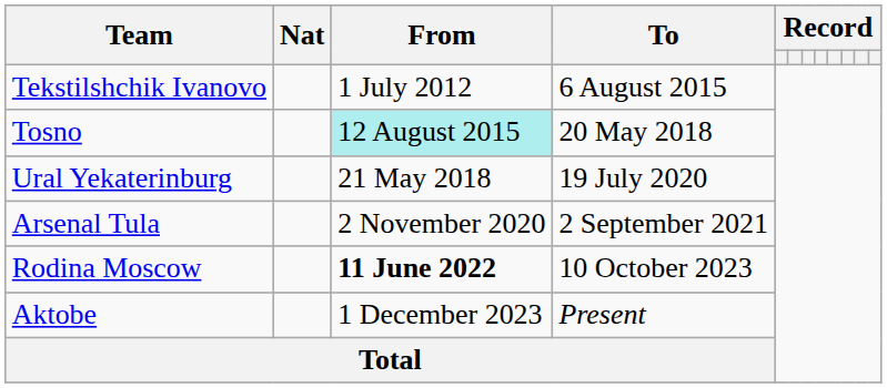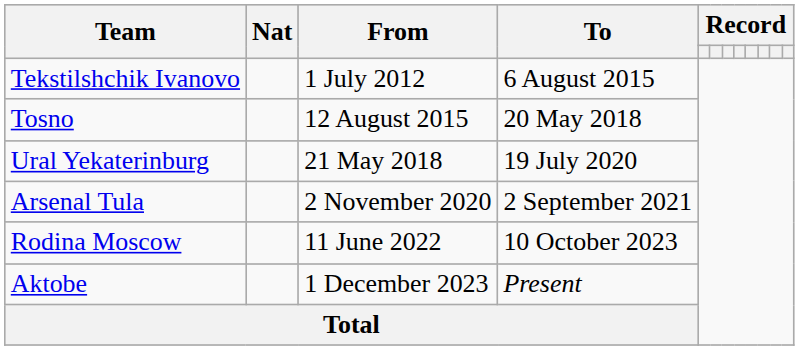 <table class="wikitable" style="text-align: center">
 <tr>
 <th rowspan="2">Team</th>
 <th rowspan="2">Nat</th>
 <th rowspan="2">From</th>
 <th rowspan="2">To</th>
 <th colspan="8">Record</th>
 </tr>
 <tr>
 <th></th>
 <th></th>
 <th></th>
 <th></th>
 <th></th>
 <th></th>
 <th></th>
 <th></th>
 </tr>
 <tr>
 <td align=left><a href='#'>Tekstilshchik Ivanovo</a></td>
 <td></td>
 <td align=left>1 July 2012</td>
 <td align=left>6 August 2015<br></td>
 </tr>
 <tr>
 <td align=left><a href='#'>Tosno</a></td>
 <td></td>
-<td align=left style="background: paleturquoise;">12 August 2015</td>
+<td align=left>12 August 2015</td>
 <td align=left>20 May 2018<br></td>
 </tr>
 <tr>
 <td align=left><a href='#'>Ural Yekaterinburg</a></td>
 <td></td>
 <td align=left>21 May 2018</td>
 <td align=left>19 July 2020<br></td>
 </tr>
 <tr>
 <td align=left><a href='#'>Arsenal Tula</a></td>
 <td></td>
 <td align=left>2 November 2020</td>
 <td align=left>2 September 2021<br></td>
 </tr>
 <tr>
 <td align=left><a href='#'>Rodina Moscow</a></td>
 <td></td>
-<td align=left><strong>11 June 2022</strong></td>
+<td align=left>11 June 2022</td>
 <td align=left>10 October 2023<br></td>
 </tr>
 <tr>
 <td align=left><a href='#'>Aktobe</a></td>
 <td></td>
 <td align=left>1 December 2023</td>
 <td align=left><em>Present</em><br></td>
 </tr>
 <tr>
 <th colspan="4">Total<br></th>
 </tr>
 </table>
